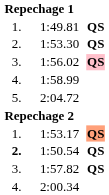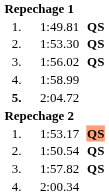 <table style="text-align:center">
 <tr>
 <td colspan=4 align=left><strong>Repechage 1</strong></td>
 </tr>
 <tr>
 <td width=30>1.</td>
 <td align=left></td>
 <td width=60>1:49.81</td>
 <td><strong>QS</strong></td>
 </tr>
 <tr>
 <td>2.</td>
 <td align=left></td>
 <td>1:53.30</td>
 <td><strong>QS</strong></td>
 </tr>
 <tr>
 <td>3.</td>
 <td align=left></td>
 <td>1:56.02</td>
-<td style="background: pink;"><strong>QS</strong></td>
+<td><strong>QS</strong></td>
 </tr>
 <tr>
 <td>4.</td>
 <td align=left></td>
 <td>1:58.99</td>
 <td></td>
 </tr>
 <tr>
-<td>5.</td>
+<td><strong>5.</strong></td>
 <td align=left></td>
 <td>2:04.72</td>
 <td></td>
 </tr>
 <tr>
 <td colspan=4 align=left><strong>Repechage 2</strong></td>
 </tr>
 <tr>
 <td>1.</td>
 <td align=left></td>
 <td>1:53.17</td>
 <td style="background: lightsalmon;"><strong>QS</strong></td>
 </tr>
 <tr>
-<td><strong>2.</strong></td>
+<td>2.</td>
 <td align=left></td>
 <td>1:50.54</td>
 <td><strong>QS</strong></td>
 </tr>
 <tr>
 <td>3.</td>
 <td align=left></td>
 <td>1:57.82</td>
 <td><strong>QS</strong></td>
 </tr>
 <tr>
 <td>4.</td>
 <td align=left></td>
 <td>2:00.34</td>
 <td></td>
 </tr>
 </table>
